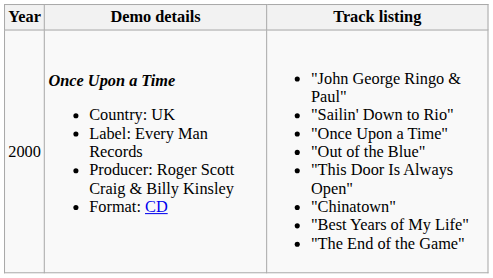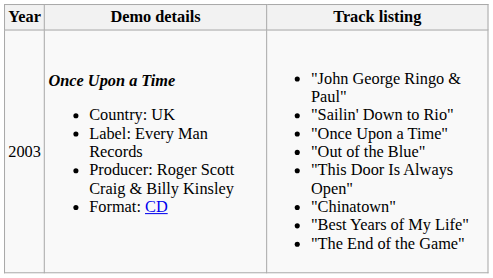 <table class="wikitable">
 <tr>
 <th rowspan="1">Year</th>
 <th rowspan="1" style="width:210px;">Demo details</th>
 <th rowspan="1" style="width:210px;">Track listing</th>
 </tr>
 <tr>
-<td>2000</td>
+<td>2003</td>
 <td align="left"><strong><em>Once Upon a Time</em></strong><br><ul><li>Country: UK</li><li>Label: Every Man Records</li><li>Producer: Roger Scott Craig & Billy Kinsley</li><li>Format: <a href='#'>CD</a></li></ul></td>
 <td><br><ul><li>"John George Ringo & Paul"</li><li>"Sailin' Down to Rio"</li><li>"Once Upon a Time"</li><li>"Out of the Blue"</li><li>"This Door Is Always Open"</li><li>"Chinatown"</li><li>"Best Years of My Life"</li><li>"The End of the Game"</li></ul></td>
 </tr>
 </table>
